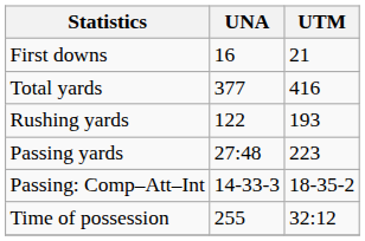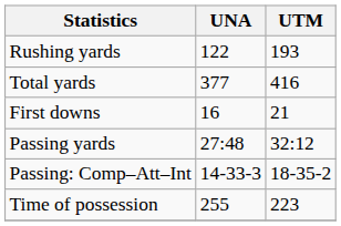 <table class="wikitable" style="float: left;">
 <tr>
 <th>Statistics</th>
 <th>UNA</th>
 <th>UTM</th>
 </tr>
 <tr>
-<td>First downs</td>
-<td>16</td>
-<td>21</td>
+<td>Rushing yards</td>
+<td>122</td>
+<td>193</td>
 </tr>
 <tr>
 <td>Total yards</td>
 <td>377</td>
 <td>416</td>
 </tr>
 <tr>
-<td>Rushing yards</td>
-<td>122</td>
-<td>193</td>
+<td>First downs</td>
+<td>16</td>
+<td>21</td>
 </tr>
 <tr>
 <td>Passing yards</td>
 <td>27:48</td>
-<td>223</td>
+<td>32:12</td>
 </tr>
 <tr>
 <td>Passing: Comp–Att–Int</td>
 <td>14-33-3</td>
 <td>18-35-2</td>
 </tr>
 <tr>
 <td>Time of possession</td>
 <td>255</td>
-<td>32:12</td>
+<td>223</td>
 </tr>
 <tr>
 </tr>
 </table>
